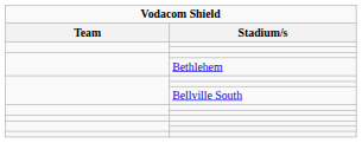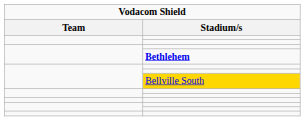 <table class="wikitable">
 <tr>
 <td colspan=3 align=center><strong>Vodacom Shield</strong></td>
 </tr>
 <tr>
 <th width="220">Team</th>
 <th width="250">Stadium/s</th>
 </tr>
 <tr>
 <td rowspan=2></td>
 <td></td>
 </tr>
 <tr>
 <td></td>
 </tr>
 <tr>
 <td rowspan=2></td>
 <td></td>
 </tr>
 <tr>
-<td><a href='#'>Bethlehem</a></td>
+<td><strong><a href='#'>Bethlehem</a></strong></td>
 </tr>
 <tr>
 <td rowspan=3></td>
 <td></td>
 </tr>
 <tr>
 <td></td>
 </tr>
 <tr>
-<td><a href='#'>Bellville South</a></td>
+<td style="background: gold;"><a href='#'>Bellville South</a></td>
 </tr>
 <tr>
 <td rowspan=2></td>
 <td></td>
 </tr>
 <tr>
 <td></td>
 </tr>
 <tr>
 <td></td>
 <td></td>
 </tr>
 <tr>
 <td rowspan=2></td>
 <td></td>
 </tr>
 <tr>
 <td></td>
 </tr>
 <tr>
 <td></td>
 <td></td>
 </tr>
 </table>
